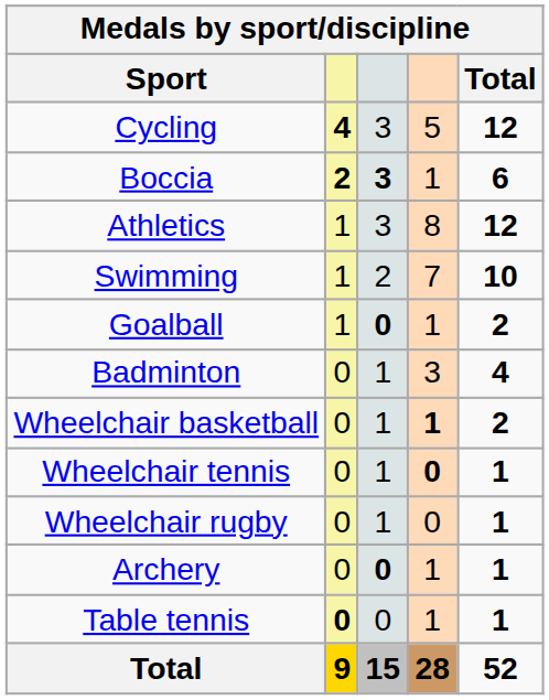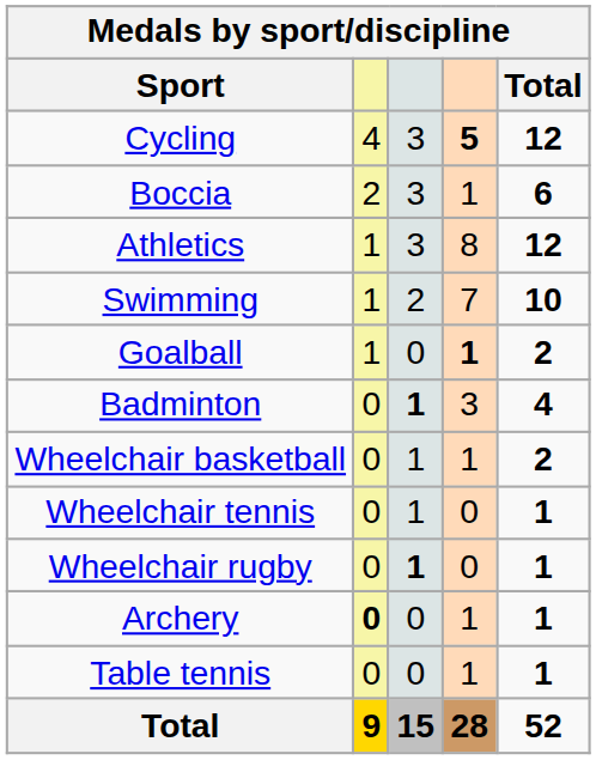 <table class="wikitable" style=font-size:85%;float:right;text-align:center>
 <tr>
 <th colspan=5>Medals by sport/discipline</th>
 </tr>
 <tr>
 <th>Sport</th>
 <td bgcolor=F7F6A8></td>
 <td bgcolor=DCE5E5></td>
 <td bgcolor=FFDAB9></td>
 <th>Total</th>
 </tr>
 <tr align=center>
 <td><a href='#'>Cycling</a></td>
-<td style="background:#F7F6A8;"><strong>4</strong></td>
+<td style="background:#F7F6A8;">4</td>
 <td style="background:#DCE5E5;">3</td>
-<td style="background:#FFDAB9;">5</td>
+<td style="background:#FFDAB9;"><strong>5</strong></td>
 <td><strong>12</strong></td>
 </tr>
 <tr align=center>
 <td><a href='#'>Boccia</a></td>
-<td style="background:#F7F6A8;"><strong>2</strong></td>
-<td style="background:#DCE5E5;"><strong>3</strong></td>
+<td style="background:#F7F6A8;">2</td>
+<td style="background:#DCE5E5;">3</td>
 <td style="background:#FFDAB9;">1</td>
 <td><strong>6</strong></td>
 </tr>
 <tr align=center>
 <td><a href='#'>Athletics</a></td>
 <td style="background:#F7F6A8;">1</td>
 <td style="background:#DCE5E5;">3</td>
 <td style="background:#FFDAB9;">8</td>
 <td><strong>12</strong></td>
 </tr>
 <tr align=center>
 <td><a href='#'>Swimming</a></td>
 <td style="background:#F7F6A8;">1</td>
 <td style="background:#DCE5E5;">2</td>
 <td style="background:#FFDAB9;">7</td>
 <td><strong>10</strong></td>
 </tr>
 <tr align=center>
 <td><a href='#'>Goalball</a></td>
 <td style="background:#F7F6A8;">1</td>
-<td style="background:#DCE5E5;"><strong>0</strong></td>
-<td style="background:#FFDAB9;">1</td>
+<td style="background:#DCE5E5;">0</td>
+<td style="background:#FFDAB9;"><strong>1</strong></td>
 <td><strong>2</strong></td>
 </tr>
 <tr align=center>
 <td><a href='#'>Badminton</a></td>
 <td style="background:#F7F6A8;">0</td>
-<td style="background:#DCE5E5;">1</td>
+<td style="background:#DCE5E5;"><strong>1</strong></td>
 <td style="background:#FFDAB9;">3</td>
 <td><strong>4</strong></td>
 </tr>
 <tr align=center>
 <td nowrap><a href='#'>Wheelchair basketball</a></td>
 <td style="background:#F7F6A8;">0</td>
 <td style="background:#DCE5E5;">1</td>
-<td style="background:#FFDAB9;"><strong>1</strong></td>
+<td style="background:#FFDAB9;">1</td>
 <td><strong>2</strong></td>
 </tr>
 <tr align=center>
 <td><a href='#'>Wheelchair tennis</a></td>
 <td style="background:#F7F6A8;">0</td>
 <td style="background:#DCE5E5;">1</td>
-<td style="background:#FFDAB9;"><strong>0</strong></td>
+<td style="background:#FFDAB9;">0</td>
 <td><strong>1</strong></td>
 </tr>
 <tr align=center>
 <td><a href='#'>Wheelchair rugby</a></td>
 <td style="background:#F7F6A8;">0</td>
-<td style="background:#DCE5E5;">1</td>
+<td style="background:#DCE5E5;"><strong>1</strong></td>
 <td style="background:#FFDAB9;">0</td>
 <td><strong>1</strong></td>
 </tr>
 <tr align=center>
 <td><a href='#'>Archery</a></td>
-<td style="background:#F7F6A8;">0</td>
-<td style="background:#DCE5E5;"><strong>0</strong></td>
+<td style="background:#F7F6A8;"><strong>0</strong></td>
+<td style="background:#DCE5E5;">0</td>
 <td style="background:#FFDAB9;">1</td>
 <td><strong>1</strong></td>
 </tr>
 <tr align=center>
 <td><a href='#'>Table tennis</a></td>
-<td style="background:#F7F6A8;"><strong>0</strong></td>
+<td style="background:#F7F6A8;">0</td>
 <td style="background:#DCE5E5;">0</td>
 <td style="background:#FFDAB9;">1</td>
 <td><strong>1</strong></td>
 </tr>
 <tr align=center>
 <th><strong>Total</strong></th>
 <th style="background:gold;"><strong>9</strong></th>
 <th style="background:silver;"><strong>15</strong></th>
 <th style="background:#c96;"><strong>28</strong></th>
 <td><strong>52</strong></td>
 </tr>
 </table>
